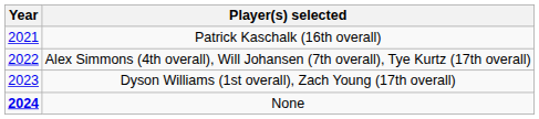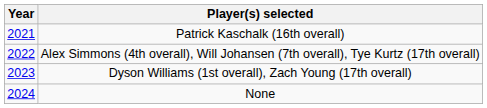 <table class="wikitable">
 <tr>
 <th>Year</th>
 <th>Player(s) selected</th>
 </tr>
 <tr align=center>
 <td><a href='#'>2021</a></td>
 <td>Patrick Kaschalk (16th overall)</td>
 </tr>
 <tr align=center>
 <td><a href='#'>2022</a></td>
 <td>Alex Simmons (4th overall), Will Johansen (7th overall), Tye Kurtz (17th overall)</td>
 </tr>
 <tr align=center>
 <td><a href='#'>2023</a></td>
 <td>Dyson Williams (1st overall), Zach Young (17th overall)</td>
 </tr>
 <tr align=center>
-<td><strong><a href='#'>2024</a></strong></td>
+<td><a href='#'>2024</a></td>
 <td>None</td>
 </tr>
 </table>
